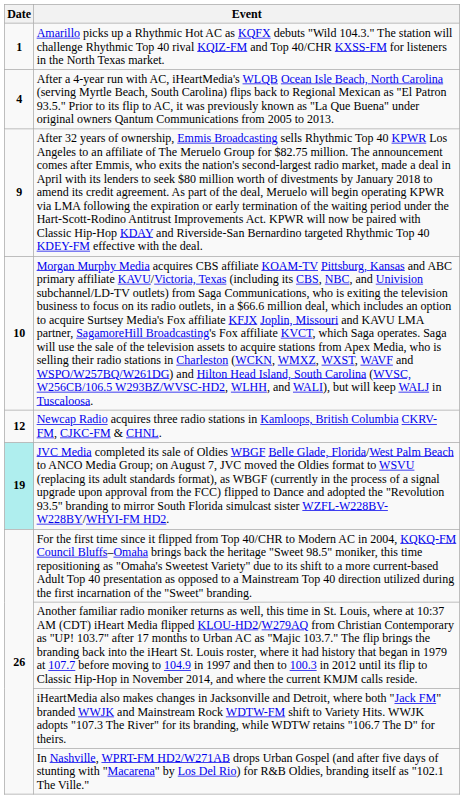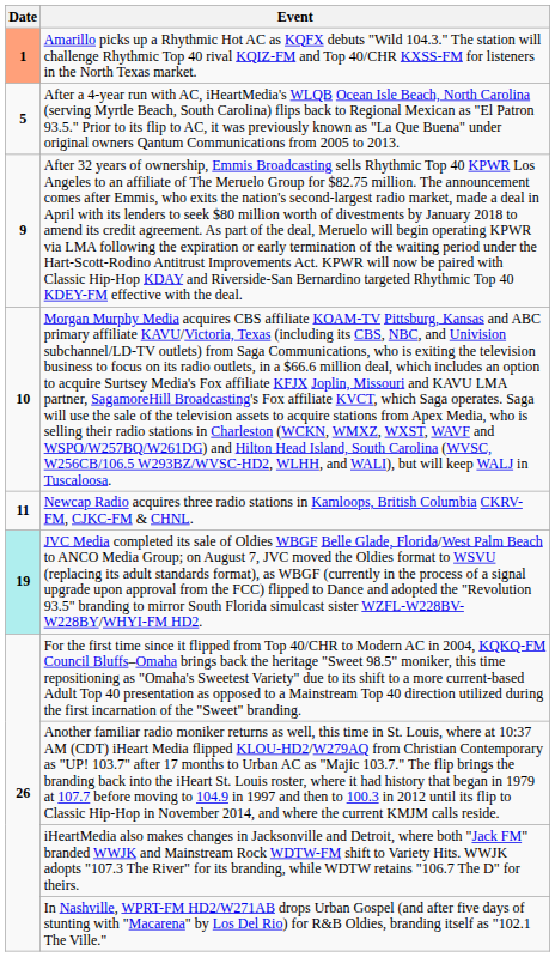 <table class="wikitable">
 <tr>
 <th>Date</th>
 <th>Event</th>
 </tr>
 <tr>
-<td style="text-align:center;"><strong>1</strong></td>
+<td style="background: lightsalmon; text-align:center;"><strong>1</strong></td>
 <td><a href='#'>Amarillo</a> picks up a Rhythmic Hot AC as <a href='#'>KQFX</a> debuts "Wild 104.3." The station will challenge Rhythmic Top 40 rival <a href='#'>KQIZ-FM</a> and Top 40/CHR <a href='#'>KXSS-FM</a> for listeners in the North Texas market.</td>
 </tr>
 <tr>
-<td style="text-align:center;"><strong>4</strong></td>
+<td style="text-align:center;"><strong>5</strong></td>
 <td>After a 4-year run with AC, iHeartMedia's <a href='#'>WLQB</a> <a href='#'>Ocean Isle Beach, North Carolina</a> (serving Myrtle Beach, South Carolina) flips back to Regional Mexican as "El Patron 93.5." Prior to its flip to AC, it was previously known as "La Que Buena" under original owners Qantum Communications from 2005 to 2013.</td>
 </tr>
 <tr>
 <td style="text-align:center;"><strong>9</strong></td>
 <td>After 32 years of ownership, <a href='#'>Emmis Broadcasting</a> sells Rhythmic Top 40 <a href='#'>KPWR</a> Los Angeles to an affiliate of The Meruelo Group for $82.75 million. The announcement comes after Emmis, who exits the nation's second-largest radio market, made a deal in April with its lenders to seek $80 million worth of divestments by January 2018 to amend its credit agreement. As part of the deal, Meruelo will begin operating KPWR via LMA following the expiration or early termination of the waiting period under the Hart-Scott-Rodino Antitrust Improvements Act. KPWR will now be paired with Classic Hip-Hop <a href='#'>KDAY</a> and Riverside-San Bernardino targeted Rhythmic Top 40 <a href='#'>KDEY-FM</a> effective with the deal.</td>
 </tr>
 <tr>
 <td style="text-align:center;"><strong>10</strong></td>
 <td><a href='#'>Morgan Murphy Media</a> acquires CBS affiliate <a href='#'>KOAM-TV</a> <a href='#'>Pittsburg, Kansas</a> and ABC primary affiliate <a href='#'>KAVU</a>/<a href='#'>Victoria, Texas</a> (including its <a href='#'>CBS</a>, <a href='#'>NBC</a>, and <a href='#'>Univision</a> subchannel/LD-TV outlets) from Saga Communications, who is exiting the television business to focus on its radio outlets, in a $66.6 million deal, which includes an option to acquire Surtsey Media's Fox affiliate <a href='#'>KFJX</a> <a href='#'>Joplin, Missouri</a> and KAVU LMA partner, <a href='#'>SagamoreHill Broadcasting</a>'s  Fox affiliate <a href='#'>KVCT</a>, which Saga operates. Saga will use the sale of the television assets to acquire stations from Apex Media, who is selling their radio stations in <a href='#'>Charleston</a> (<a href='#'>WCKN</a>, <a href='#'>WMXZ</a>, <a href='#'>WXST</a>, <a href='#'>WAVF</a> and <a href='#'>WSPO/W257BQ/W261DG</a>) and <a href='#'>Hilton Head Island, South Carolina</a> (<a href='#'>WVSC, W256CB/106.5 W293BZ/WVSC-HD2</a>, <a href='#'>WLHH</a>, and <a href='#'>WALI</a>), but will keep <a href='#'>WALJ</a> in <a href='#'>Tuscaloosa</a>.</td>
 </tr>
 <tr>
-<td style="text-align:center;"><strong>12</strong></td>
+<td style="text-align:center;"><strong>11</strong></td>
 <td><a href='#'>Newcap Radio</a> acquires three radio stations in <a href='#'>Kamloops, British Columbia</a> <a href='#'>CKRV-FM</a>, <a href='#'>CJKC-FM</a> & <a href='#'>CHNL</a>.</td>
 </tr>
 <tr>
 <td style="background: paleturquoise; text-align:center;"><strong>19</strong></td>
 <td><a href='#'>JVC Media</a> completed its sale of Oldies <a href='#'>WBGF</a> <a href='#'>Belle Glade, Florida</a>/<a href='#'>West Palm Beach</a> to ANCO Media Group; on August 7, JVC moved the Oldies format to <a href='#'>WSVU</a> (replacing its adult standards format), as WBGF (currently in the process of a signal upgrade upon approval from the FCC) flipped to Dance and adopted the "Revolution 93.5" branding to mirror South Florida simulcast sister <a href='#'>WZFL-W228BV-W228BY</a>/<a href='#'>WHYI-FM HD2</a>.</td>
 </tr>
 <tr>
 <td style="text-align:center;" rowspan=4><strong>26</strong></td>
 <td>For the first time since it flipped from Top 40/CHR to Modern AC in 2004, <a href='#'>KQKQ-FM</a> <a href='#'>Council Bluffs</a>–<a href='#'>Omaha</a> brings back the heritage "Sweet 98.5" moniker, this time repositioning as "Omaha's Sweetest Variety" due to its shift to a more current-based Adult Top 40 presentation as opposed to a Mainstream Top 40 direction utilized during the first incarnation of the "Sweet" branding.</td>
 </tr>
 <tr>
 <td>Another familiar radio moniker returns as well, this time in St. Louis, where at 10:37 AM (CDT) iHeart Media flipped <a href='#'>KLOU-HD2</a>/<a href='#'>W279AQ</a> from Christian Contemporary as "UP! 103.7" after 17 months to Urban AC as "Majic 103.7." The flip brings the branding back into the iHeart St. Louis roster, where it had history that began in 1979 at <a href='#'>107.7</a> before moving to <a href='#'>104.9</a> in 1997 and then to <a href='#'>100.3</a> in 2012 until its flip to Classic Hip-Hop in November 2014, and where the current KMJM calls reside.</td>
 </tr>
 <tr>
 <td>iHeartMedia also makes changes in Jacksonville and Detroit, where both "<a href='#'>Jack FM</a>" branded <a href='#'>WWJK</a> and Mainstream Rock <a href='#'>WDTW-FM</a> shift to Variety Hits. WWJK adopts "107.3 The River" for its branding, while WDTW retains "106.7 The D" for theirs.</td>
 </tr>
 <tr>
 <td>In <a href='#'>Nashville</a>, <a href='#'>WPRT-FM HD2/W271AB</a> drops Urban Gospel (and after five days of stunting with "<a href='#'>Macarena</a>" by <a href='#'>Los Del Rio</a>) for R&B Oldies, branding itself as "102.1 The Ville."</td>
 </tr>
 </table>
